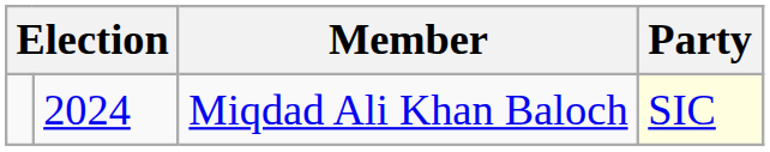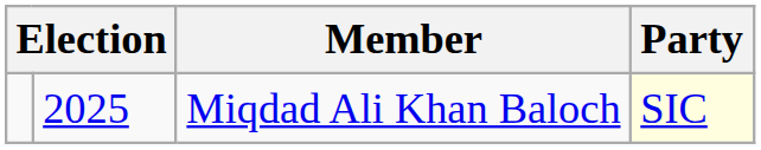 <table class="wikitable">
 <tr>
 <th colspan="2">Election</th>
 <th>Member</th>
 <th>Party</th>
 </tr>
 <tr>
 <td style="background-color: "></td>
-<td><a href='#'>2024</a></td>
+<td><a href='#'>2025</a></td>
 <td><a href='#'>Miqdad Ali Khan Baloch</a></td>
 <td style="background: lightyellow;"><a href='#'>SIC</a></td>
 </tr>
 </table>
